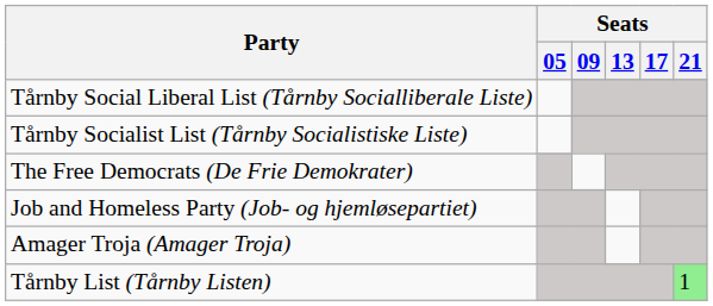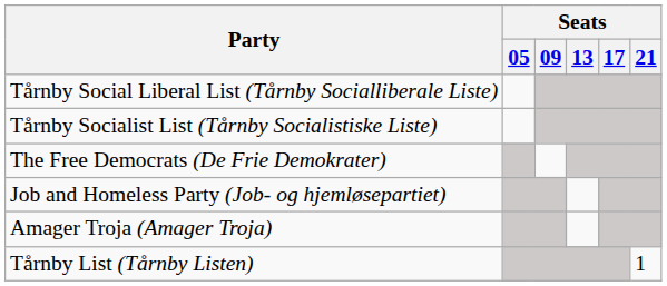 <table class="wikitable">
 <tr>
 <th rowspan=2>Party</th>
 <th colspan=11>Seats</th>
 </tr>
 <tr>
 <th><a href='#'>05</a></th>
 <th><a href='#'>09</a></th>
 <th><a href='#'>13</a></th>
 <th><a href='#'>17</a></th>
 <th><a href='#'>21</a></th>
 </tr>
 <tr>
 <td>Tårnby Social Liberal List <em>(Tårnby Socialliberale Liste)</em></td>
 <td></td>
 <td style="background:#CDC9C9;" colspan=4></td>
 </tr>
 <tr>
 <td>Tårnby Socialist List <em>(Tårnby Socialistiske Liste)</em></td>
 <td></td>
 <td style="background:#CDC9C9;" colspan=4></td>
 </tr>
 <tr>
 <td>The Free Democrats <em>(De Frie Demokrater)</em></td>
 <td style="background:#CDC9C9;"></td>
 <td></td>
 <td style="background:#CDC9C9;" colspan=3></td>
 </tr>
 <tr>
 <td>Job and Homeless Party <em>(Job- og hjemløsepartiet)</em></td>
 <td style="background:#CDC9C9;" colspan=2></td>
 <td></td>
 <td style="background:#CDC9C9;" colspan=2></td>
 </tr>
 <tr>
 <td>Amager Troja <em>(Amager Troja)</em></td>
 <td style="background:#CDC9C9;" colspan=2></td>
 <td></td>
 <td style="background:#CDC9C9;" colspan=2></td>
 </tr>
 <tr>
 <td>Tårnby List <em>(Tårnby Listen)</em></td>
 <td style="background:#CDC9C9;" colspan=4></td>
-<td style="background: lightgreen;">1</td>
+<td>1</td>
 </tr>
 </table>
